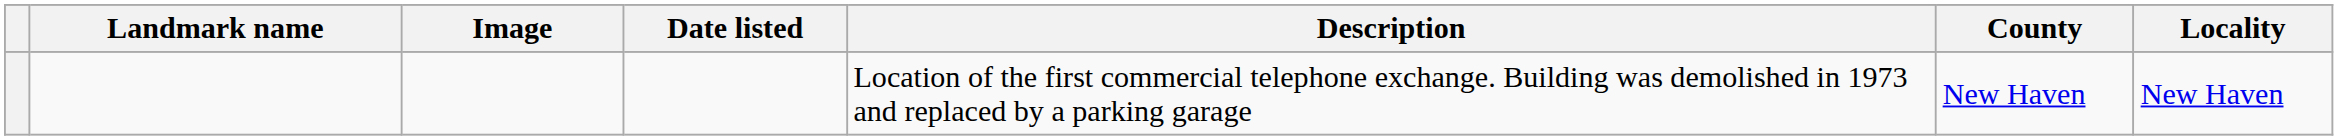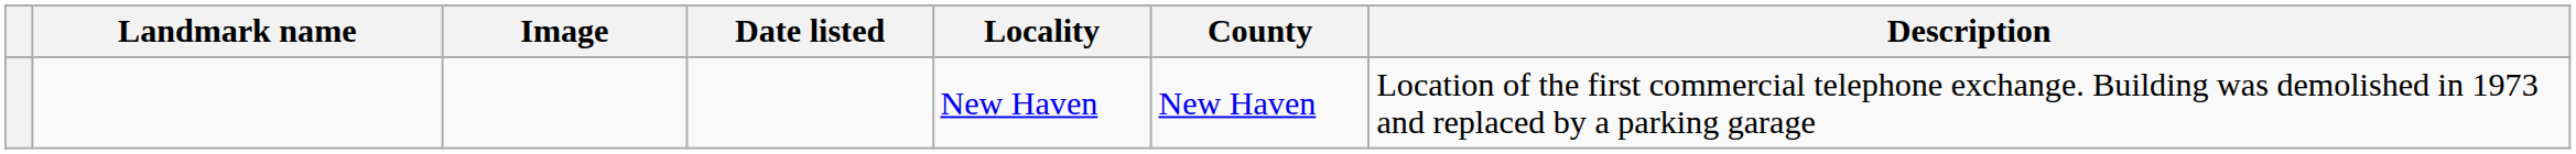 <table class="wikitable" style="width:98%">
 <tr>
 <th width="1%"></th>
 <th width="15%">Landmark name</th>
 <th width="9%" class="unsortable">Image</th>
 <th width="9%">Date listed</th>
+<th width="8%">Locality</th>
+<th width="8%">County</th>
 <th width="44%" class="unsortable">Description</th>
-<th width="8%">County</th>
-<th width="8%">Locality</th>
 </tr>
 <tr>
 <th></th>
 <td></td>
 <td></td>
 <td></td>
-<td>Location of the first commercial telephone exchange. Building was demolished in 1973 and replaced by a parking garage</td>
 <td><a href='#'>New Haven</a></td>
 <td><a href='#'>New Haven</a></td>
+<td>Location of the first commercial telephone exchange. Building was demolished in 1973 and replaced by a parking garage</td>
 </tr>
 </table>
